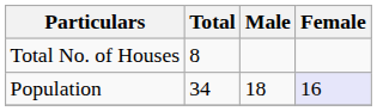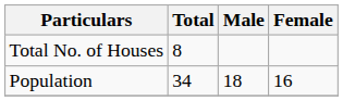 <table class="wikitable sortable">
 <tr>
 <th>Particulars</th>
 <th>Total</th>
 <th>Male</th>
 <th>Female</th>
 </tr>
 <tr>
 <td>Total No. of Houses</td>
 <td>8</td>
 <td></td>
 <td></td>
 </tr>
 <tr>
 <td>Population</td>
 <td>34</td>
 <td>18</td>
-<td style="background: lavender;">16</td>
+<td>16</td>
 </tr>
 <tr>
 </tr>
 </table>
